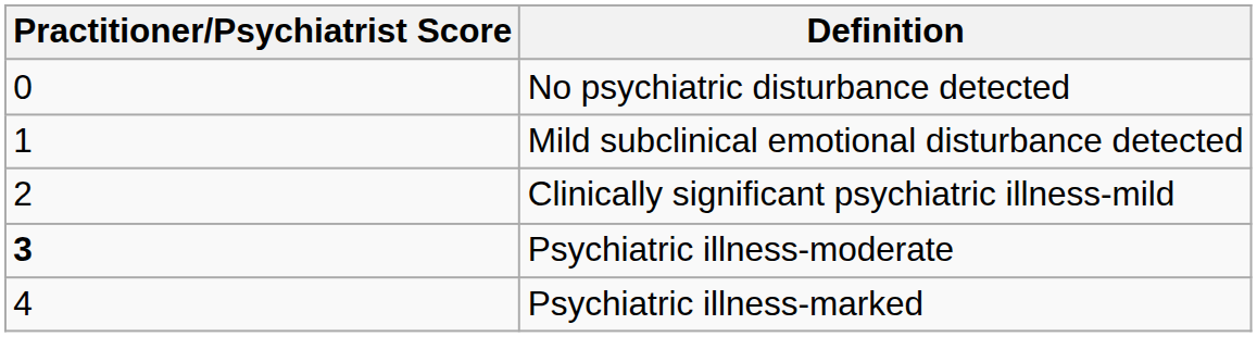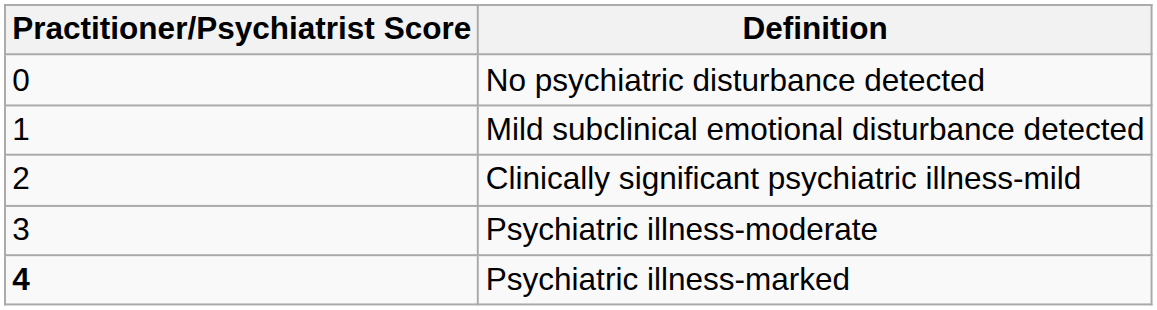 <table class="wikitable">
 <tr>
 <th>Practitioner/Psychiatrist Score</th>
 <th>Definition</th>
 </tr>
 <tr>
 <td>0</td>
 <td>No psychiatric disturbance detected</td>
 </tr>
 <tr>
 <td>1</td>
 <td>Mild subclinical emotional disturbance detected</td>
 </tr>
 <tr>
 <td>2</td>
 <td>Clinically significant psychiatric illness-mild</td>
 </tr>
 <tr>
-<td><strong>3</strong></td>
+<td>3</td>
 <td>Psychiatric illness-moderate</td>
 </tr>
 <tr>
-<td>4</td>
+<td><strong>4</strong></td>
 <td>Psychiatric illness-marked</td>
 </tr>
 </table>
